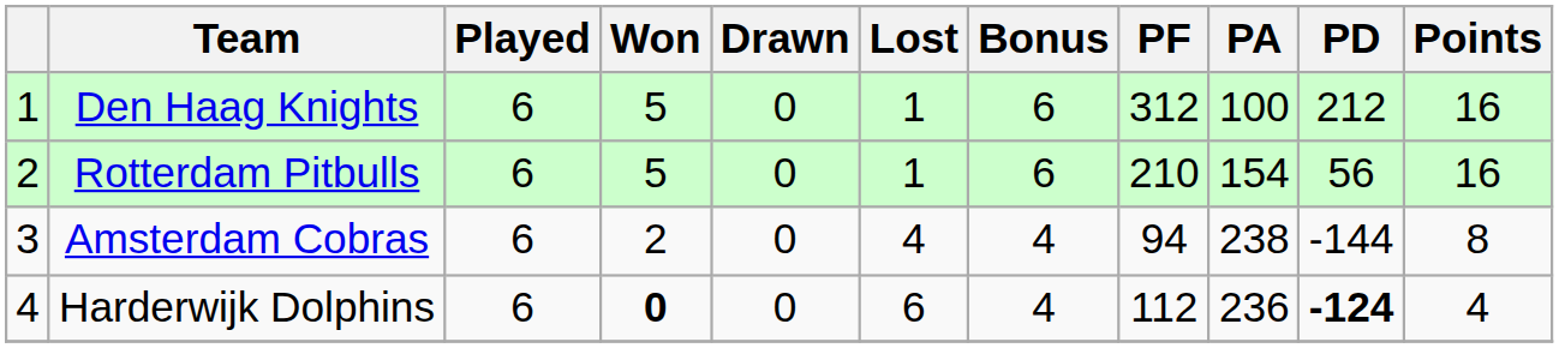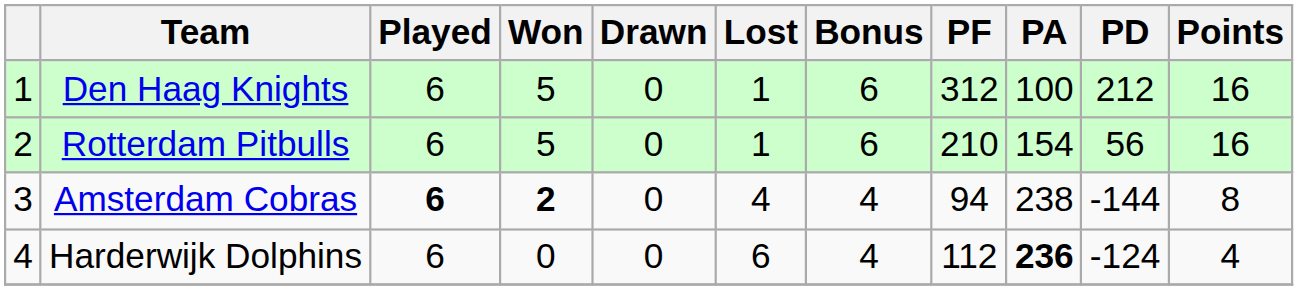 <table class="wikitable" style="text-align:center;">
 <tr>
 <th></th>
 <th>Team</th>
 <th>Played</th>
 <th>Won</th>
 <th>Drawn</th>
 <th>Lost</th>
 <th>Bonus</th>
 <th>PF</th>
 <th>PA</th>
 <th>PD</th>
 <th>Points</th>
 </tr>
 <tr style="background:#ccffcc;">
 <td>1</td>
 <td><a href='#'>Den Haag Knights</a></td>
 <td>6</td>
 <td>5</td>
 <td>0</td>
 <td>1</td>
 <td>6</td>
 <td>312</td>
 <td>100</td>
 <td>212</td>
 <td>16</td>
 </tr>
 <tr style="background:#ccffcc;">
 <td>2</td>
 <td><a href='#'>Rotterdam Pitbulls</a></td>
 <td>6</td>
 <td>5</td>
 <td>0</td>
 <td>1</td>
 <td>6</td>
 <td>210</td>
 <td>154</td>
 <td>56</td>
 <td>16</td>
 </tr>
 <tr>
 <td>3</td>
 <td><a href='#'>Amsterdam Cobras</a></td>
-<td>6</td>
-<td>2</td>
+<td><strong>6</strong></td>
+<td><strong>2</strong></td>
 <td>0</td>
 <td>4</td>
 <td>4</td>
 <td>94</td>
 <td>238</td>
 <td>-144</td>
 <td>8</td>
 </tr>
 <tr>
 <td>4</td>
 <td>Harderwijk Dolphins</td>
 <td>6</td>
-<td><strong>0</strong></td>
+<td>0</td>
 <td>0</td>
 <td>6</td>
 <td>4</td>
 <td>112</td>
-<td>236</td>
-<td><strong>-124</strong></td>
+<td><strong>236</strong></td>
+<td>-124</td>
 <td>4</td>
 </tr>
 <tr>
 </tr>
 </table>
